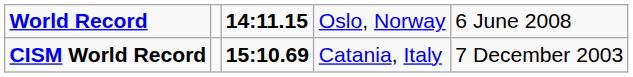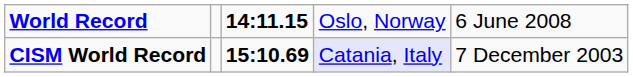 <table class="wikitable">
 <tr>
 <td><strong><a href='#'>World Record</a></strong></td>
 <td></td>
 <td><strong>14:11.15</strong></td>
 <td><a href='#'>Oslo</a>, <a href='#'>Norway</a></td>
 <td>6 June 2008</td>
 </tr>
 <tr>
 <td><strong><a href='#'>CISM</a> World Record</strong></td>
 <td></td>
 <td><strong>15:10.69</strong></td>
-<td><a href='#'>Catania</a>, <a href='#'>Italy</a></td>
+<td style="background: lavender;"><a href='#'>Catania</a>, <a href='#'>Italy</a></td>
 <td>7 December 2003</td>
 </tr>
 </table>
